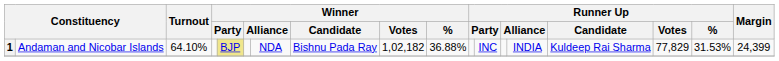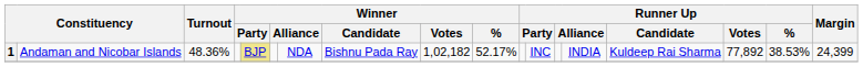 <table class="wikitable sortable" style="text-align:center;">
 <tr>
 <th colspan="2" rowspan="2">Constituency</th>
 <th rowspan="2">Turnout</th>
 <th colspan="7">Winner</th>
 <th colspan="7">Runner Up</th>
 <th rowspan="2">Margin</th>
 </tr>
 <tr>
 <th colspan="2">Party</th>
 <th colspan="2">Alliance</th>
 <th>Candidate</th>
 <th>Votes</th>
 <th>%</th>
 <th colspan="2">Party</th>
 <th colspan="2">Alliance</th>
 <th>Candidate</th>
 <th>Votes</th>
 <th>%</th>
 </tr>
 <tr>
 <th>1</th>
 <td><a href='#'>Andaman and Nicobar Islands</a></td>
-<td>64.10%</td>
+<td>48.36%</td>
 <td></td>
 <td style="background: khaki;"><a href='#'>BJP</a></td>
 <td></td>
 <td><a href='#'>NDA</a></td>
 <td><a href='#'>Bishnu Pada Ray</a></td>
 <td>1,02,182</td>
-<td>36.88%</td>
+<td>52.17%</td>
 <td></td>
 <td><a href='#'>INC</a></td>
 <td></td>
 <td><a href='#'>INDIA</a></td>
 <td><a href='#'>Kuldeep Rai Sharma</a></td>
-<td>77,829</td>
-<td>31.53%</td>
+<td>77,892</td>
+<td>38.53%</td>
 <td style="background:">24,399</td>
 </tr>
 <tr>
 </tr>
 </table>
